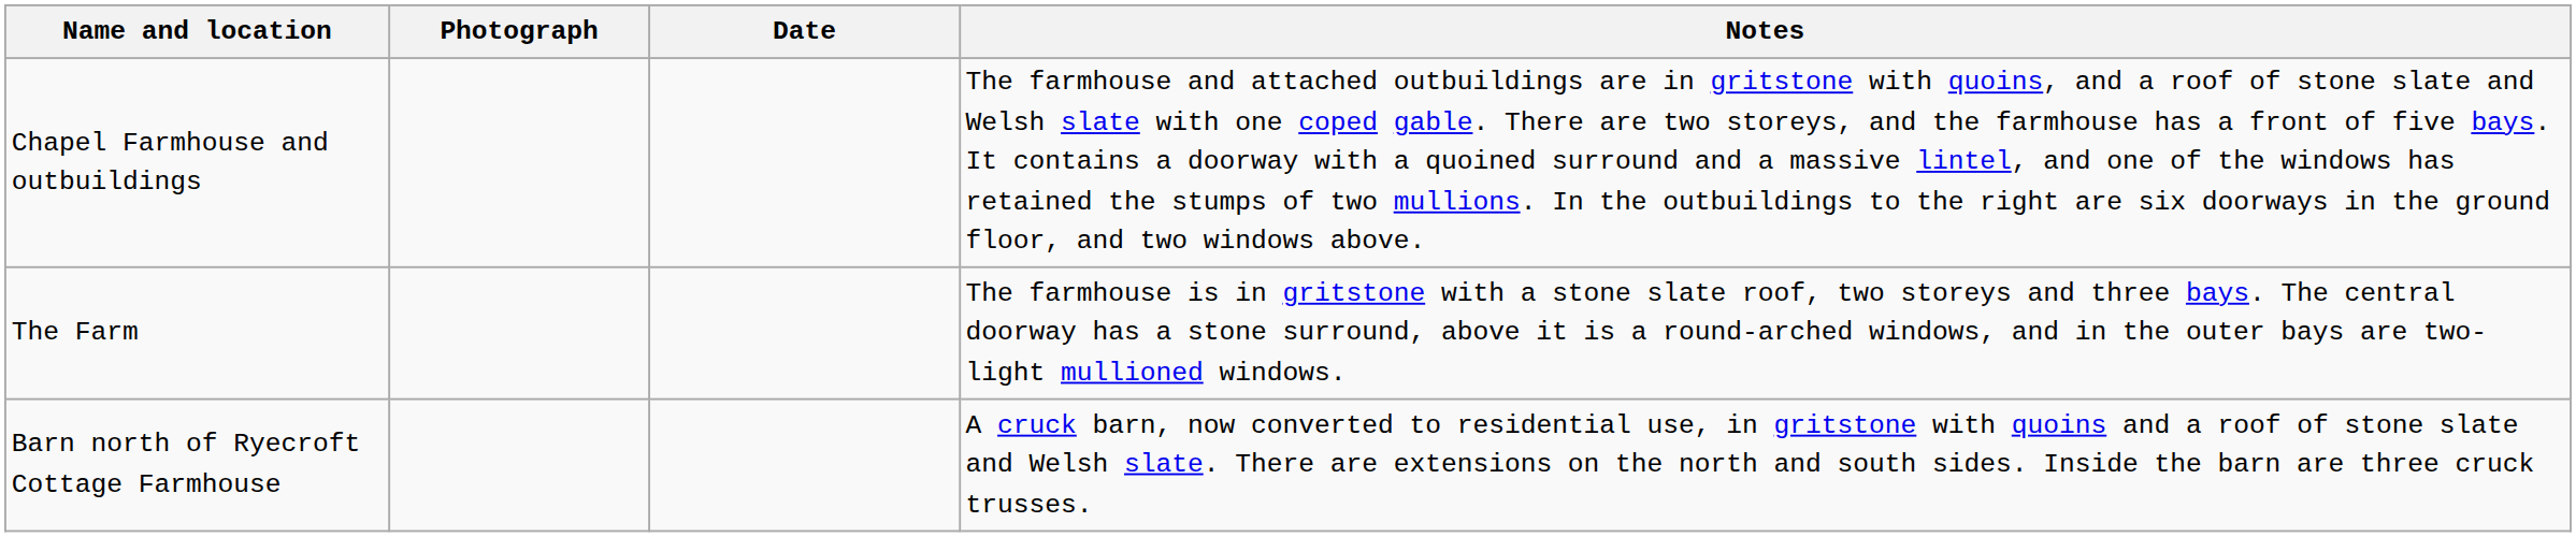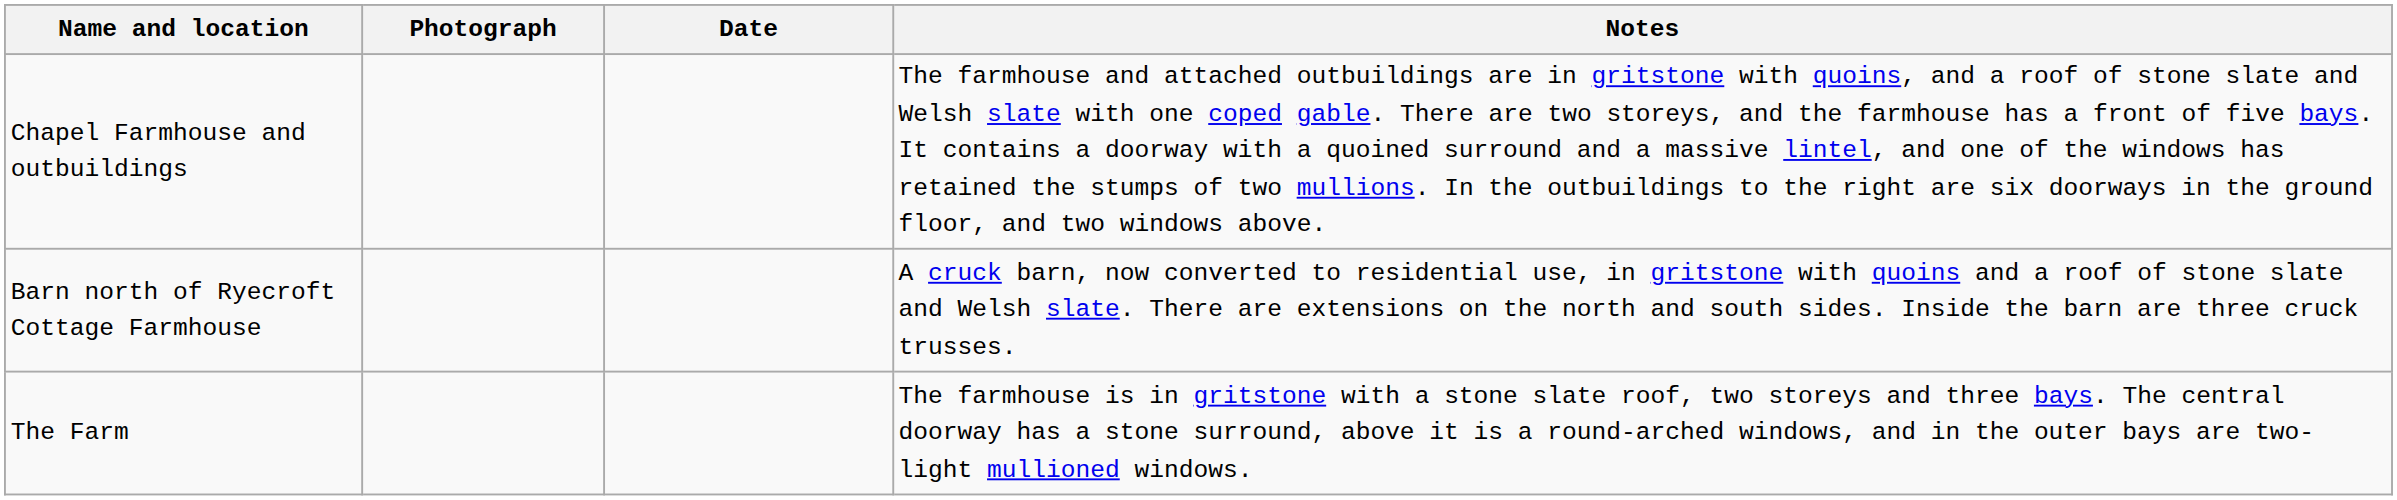 <table class="wikitable sortable plainrowheaders" style="width:100%;border:0px;text-align:left;line-height:150%;">
 <tr>
 <th scope="col"  style="width:150px">Name and location</th>
 <th scope="col"  style="width:100px" class="unsortable">Photograph</th>
 <th scope="col"  style="width:120px">Date</th>
 <th scope="col"  style="width:650px" class="unsortable">Notes</th>
 </tr>
 <tr>
 <td>Chapel Farmhouse and outbuildings<br><small></small></td>
 <td></td>
 <td align="center"></td>
 <td>The farmhouse and attached outbuildings are in <a href='#'>gritstone</a> with <a href='#'>quoins</a>, and a roof of stone slate and Welsh <a href='#'>slate</a> with one <a href='#'>coped</a> <a href='#'>gable</a>.  There are two storeys, and the farmhouse has a front of five <a href='#'>bays</a>.  It contains a doorway with a quoined surround and a massive <a href='#'>lintel</a>, and one of the windows has retained the stumps of two <a href='#'>mullions</a>.  In the outbuildings to the right are six doorways in the ground floor, and two windows above.</td>
 </tr>
 <tr>
+<td>Barn north of Ryecroft Cottage Farmhouse<br><small></small></td>
+<td></td>
+<td align="center"></td>
+<td>A <a href='#'>cruck</a> barn, now converted to residential use, in <a href='#'>gritstone</a> with <a href='#'>quoins</a> and a roof of stone slate and Welsh <a href='#'>slate</a>.  There are extensions on the north and south sides.  Inside the barn are three cruck trusses.</td>
+</tr>
+<tr>
 <td>The Farm<br><small></small></td>
 <td></td>
 <td align="center"></td>
 <td>The farmhouse is in <a href='#'>gritstone</a> with a stone slate roof, two storeys and three <a href='#'>bays</a>.  The central doorway has a stone surround, above it is a round-arched windows, and in the outer bays are two-light <a href='#'>mullioned</a> windows.</td>
 </tr>
 <tr>
-<td>Barn north of Ryecroft Cottage Farmhouse<br><small></small></td>
-<td></td>
-<td align="center"></td>
-<td>A <a href='#'>cruck</a> barn, now converted to residential use, in <a href='#'>gritstone</a> with <a href='#'>quoins</a> and a roof of stone slate and Welsh <a href='#'>slate</a>.  There are extensions on the north and south sides.  Inside the barn are three cruck trusses.</td>
-</tr>
-<tr>
 </tr>
 </table>
